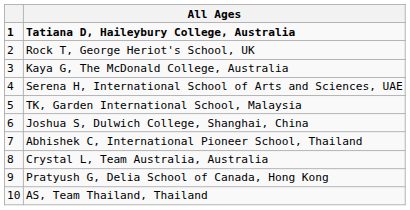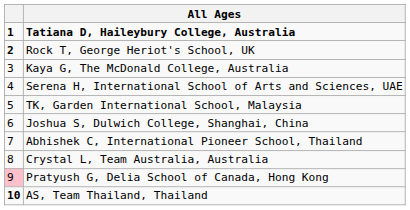 <table class="wikitable sortable">
 <tr>
 <th></th>
 <th><strong>All Ages</strong></th>
 </tr>
 <tr>
 <td><strong>1</strong></td>
 <td><strong>Tatiana D, Haileybury College, Australia</strong></td>
 </tr>
 <tr>
-<td>2</td>
+<td><strong>2</strong></td>
 <td>Rock T, George Heriot's School, UK</td>
 </tr>
 <tr>
 <td>3</td>
 <td>Kaya G, The McDonald College, Australia</td>
 </tr>
 <tr>
 <td>4</td>
 <td>Serena H, International School of Arts and Sciences, UAE</td>
 </tr>
 <tr>
 <td>5</td>
 <td>TK, Garden International School, Malaysia</td>
 </tr>
 <tr>
 <td>6</td>
 <td>Joshua S, Dulwich College, Shanghai, China</td>
 </tr>
 <tr>
 <td>7</td>
 <td>Abhishek C, International Pioneer School, Thailand</td>
 </tr>
 <tr>
 <td>8</td>
 <td>Crystal L, Team Australia, Australia</td>
 </tr>
 <tr>
-<td>9</td>
+<td style="background: pink;">9</td>
 <td>Pratyush G, Delia School of Canada, Hong Kong</td>
 </tr>
 <tr>
-<td>10</td>
+<td><strong>10</strong></td>
 <td>AS, Team Thailand, Thailand</td>
 </tr>
 </table>
